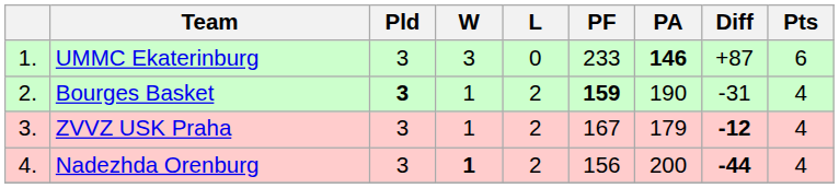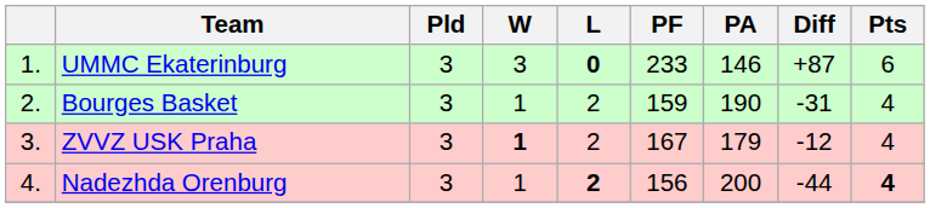 <table class="wikitable" style="text-align:center">
 <tr>
 <th width=25></th>
 <th width=220>Team</th>
 <th width=40>Pld</th>
 <th width=40>W</th>
 <th width=40>L</th>
 <th width=40>PF</th>
 <th width=40>PA</th>
 <th width=40>Diff</th>
 <th width=40>Pts</th>
 </tr>
 <tr style="background:#ccffcc;">
 <td>1.</td>
 <td align=left> <a href='#'>UMMC Ekaterinburg</a></td>
 <td>3</td>
 <td>3</td>
-<td>0</td>
+<td><strong>0</strong></td>
 <td>233</td>
-<td><strong>146</strong></td>
+<td>146</td>
 <td>+87</td>
 <td>6</td>
 </tr>
 <tr style="background:#ccffcc;">
 <td>2.</td>
 <td align=left> <a href='#'>Bourges Basket</a></td>
-<td><strong>3</strong></td>
+<td>3</td>
 <td>1</td>
 <td>2</td>
-<td><strong>159</strong></td>
+<td>159</td>
 <td>190</td>
 <td>-31</td>
 <td>4</td>
 </tr>
 <tr style="background:#ffcccc;">
 <td>3.</td>
 <td align=left> <a href='#'>ZVVZ USK Praha</a></td>
 <td>3</td>
-<td>1</td>
+<td><strong>1</strong></td>
 <td>2</td>
 <td>167</td>
 <td>179</td>
-<td><strong>-12</strong></td>
+<td>-12</td>
 <td>4</td>
 </tr>
 <tr style="background:#ffcccc;">
 <td>4.</td>
 <td align=left> <a href='#'>Nadezhda Orenburg</a></td>
 <td>3</td>
-<td><strong>1</strong></td>
-<td>2</td>
+<td>1</td>
+<td><strong>2</strong></td>
 <td>156</td>
 <td>200</td>
-<td><strong>-44</strong></td>
-<td>4</td>
+<td>-44</td>
+<td><strong>4</strong></td>
 </tr>
 <tr>
 </tr>
 </table>
